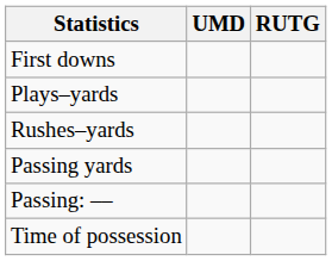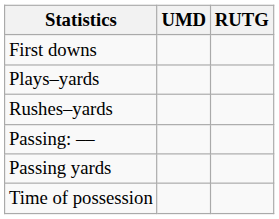 <table class="wikitable" style="float:left">
 <tr>
 <th>Statistics</th>
 <th>UMD</th>
 <th>RUTG</th>
 </tr>
 <tr>
 <td>First downs</td>
 <td></td>
 <td></td>
 </tr>
 <tr>
 <td>Plays–yards</td>
 <td></td>
 <td></td>
 </tr>
 <tr>
 <td>Rushes–yards</td>
 <td></td>
 <td></td>
 </tr>
 <tr>
-<td>Passing yards</td>
+<td>Passing: ––</td>
 <td></td>
 <td></td>
 </tr>
 <tr>
-<td>Passing: ––</td>
+<td>Passing yards</td>
 <td></td>
 <td></td>
 </tr>
 <tr>
 <td>Time of possession</td>
 <td></td>
 <td></td>
 </tr>
 </table>
